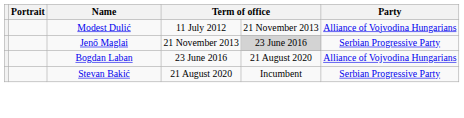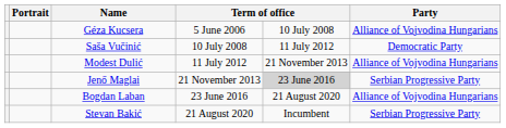 <table class="wikitable" style="text-align:center">
 <tr>
 <th></th>
 <th>Portrait</th>
 <th width=180>Name<br></th>
 <th colspan=2>Term of office</th>
 <th>Party</th>
+</tr>
+<tr>
+<th style="background:"></th>
+<td></td>
+<td><a href='#'>Géza Kucsera</a><br></td>
+<td>5 June 2006</td>
+<td>10 July 2008</td>
+<td><a href='#'>Alliance of Vojvodina Hungarians</a></td>
+</tr>
+<tr>
+<th style="background:"></th>
+<td></td>
+<td><a href='#'>Saša Vučinić</a><br></td>
+<td>10 July 2008</td>
+<td>11 July 2012</td>
+<td><a href='#'>Democratic Party</a></td>
 </tr>
 <tr>
 <th style="background:"></th>
 <td></td>
 <td><a href='#'>Modest Dulić</a><br></td>
 <td>11 July 2012</td>
 <td>21 November 2013</td>
 <td><a href='#'>Alliance of Vojvodina Hungarians</a></td>
 </tr>
 <tr>
 <th style="background:"></th>
 <td></td>
 <td><a href='#'>Jenő Maglai</a><br></td>
 <td>21 November 2013</td>
 <td style="background: lightgrey;">23 June 2016</td>
 <td><a href='#'>Serbian Progressive Party</a></td>
 </tr>
 <tr>
 <th style="background:"></th>
 <td></td>
 <td><a href='#'>Bogdan Laban</a><br></td>
 <td>23 June 2016</td>
 <td>21 August 2020</td>
 <td><a href='#'>Alliance of Vojvodina Hungarians</a></td>
 </tr>
 <tr>
 <th style="background:"></th>
 <td></td>
 <td><a href='#'>Stevan Bakić</a><br></td>
 <td>21 August 2020</td>
 <td>Incumbent</td>
 <td><a href='#'>Serbian Progressive Party</a></td>
 </tr>
 </table>
